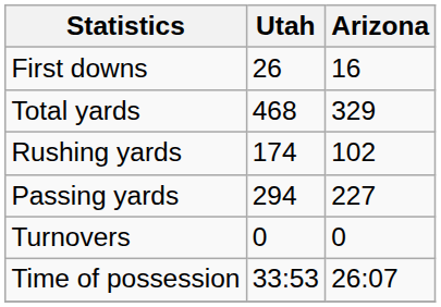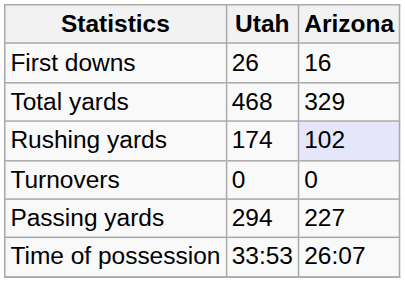 <table class="wikitable">
 <tr>
 <th>Statistics</th>
 <th>Utah</th>
 <th>Arizona</th>
 </tr>
 <tr>
 <td>First downs</td>
 <td>26</td>
 <td>16</td>
 </tr>
 <tr>
 <td>Total yards</td>
 <td>468</td>
 <td>329</td>
 </tr>
 <tr>
 <td>Rushing yards</td>
 <td>174</td>
-<td>102</td>
+<td style="background: lavender;">102</td>
+</tr>
+<tr>
+<td>Turnovers</td>
+<td>0</td>
+<td>0</td>
 </tr>
 <tr>
 <td>Passing yards</td>
 <td>294</td>
 <td>227</td>
-</tr>
-<tr>
-<td>Turnovers</td>
-<td>0</td>
-<td>0</td>
 </tr>
 <tr>
 <td>Time of possession</td>
 <td>33:53</td>
 <td>26:07</td>
 </tr>
 <tr>
 </tr>
 </table>
